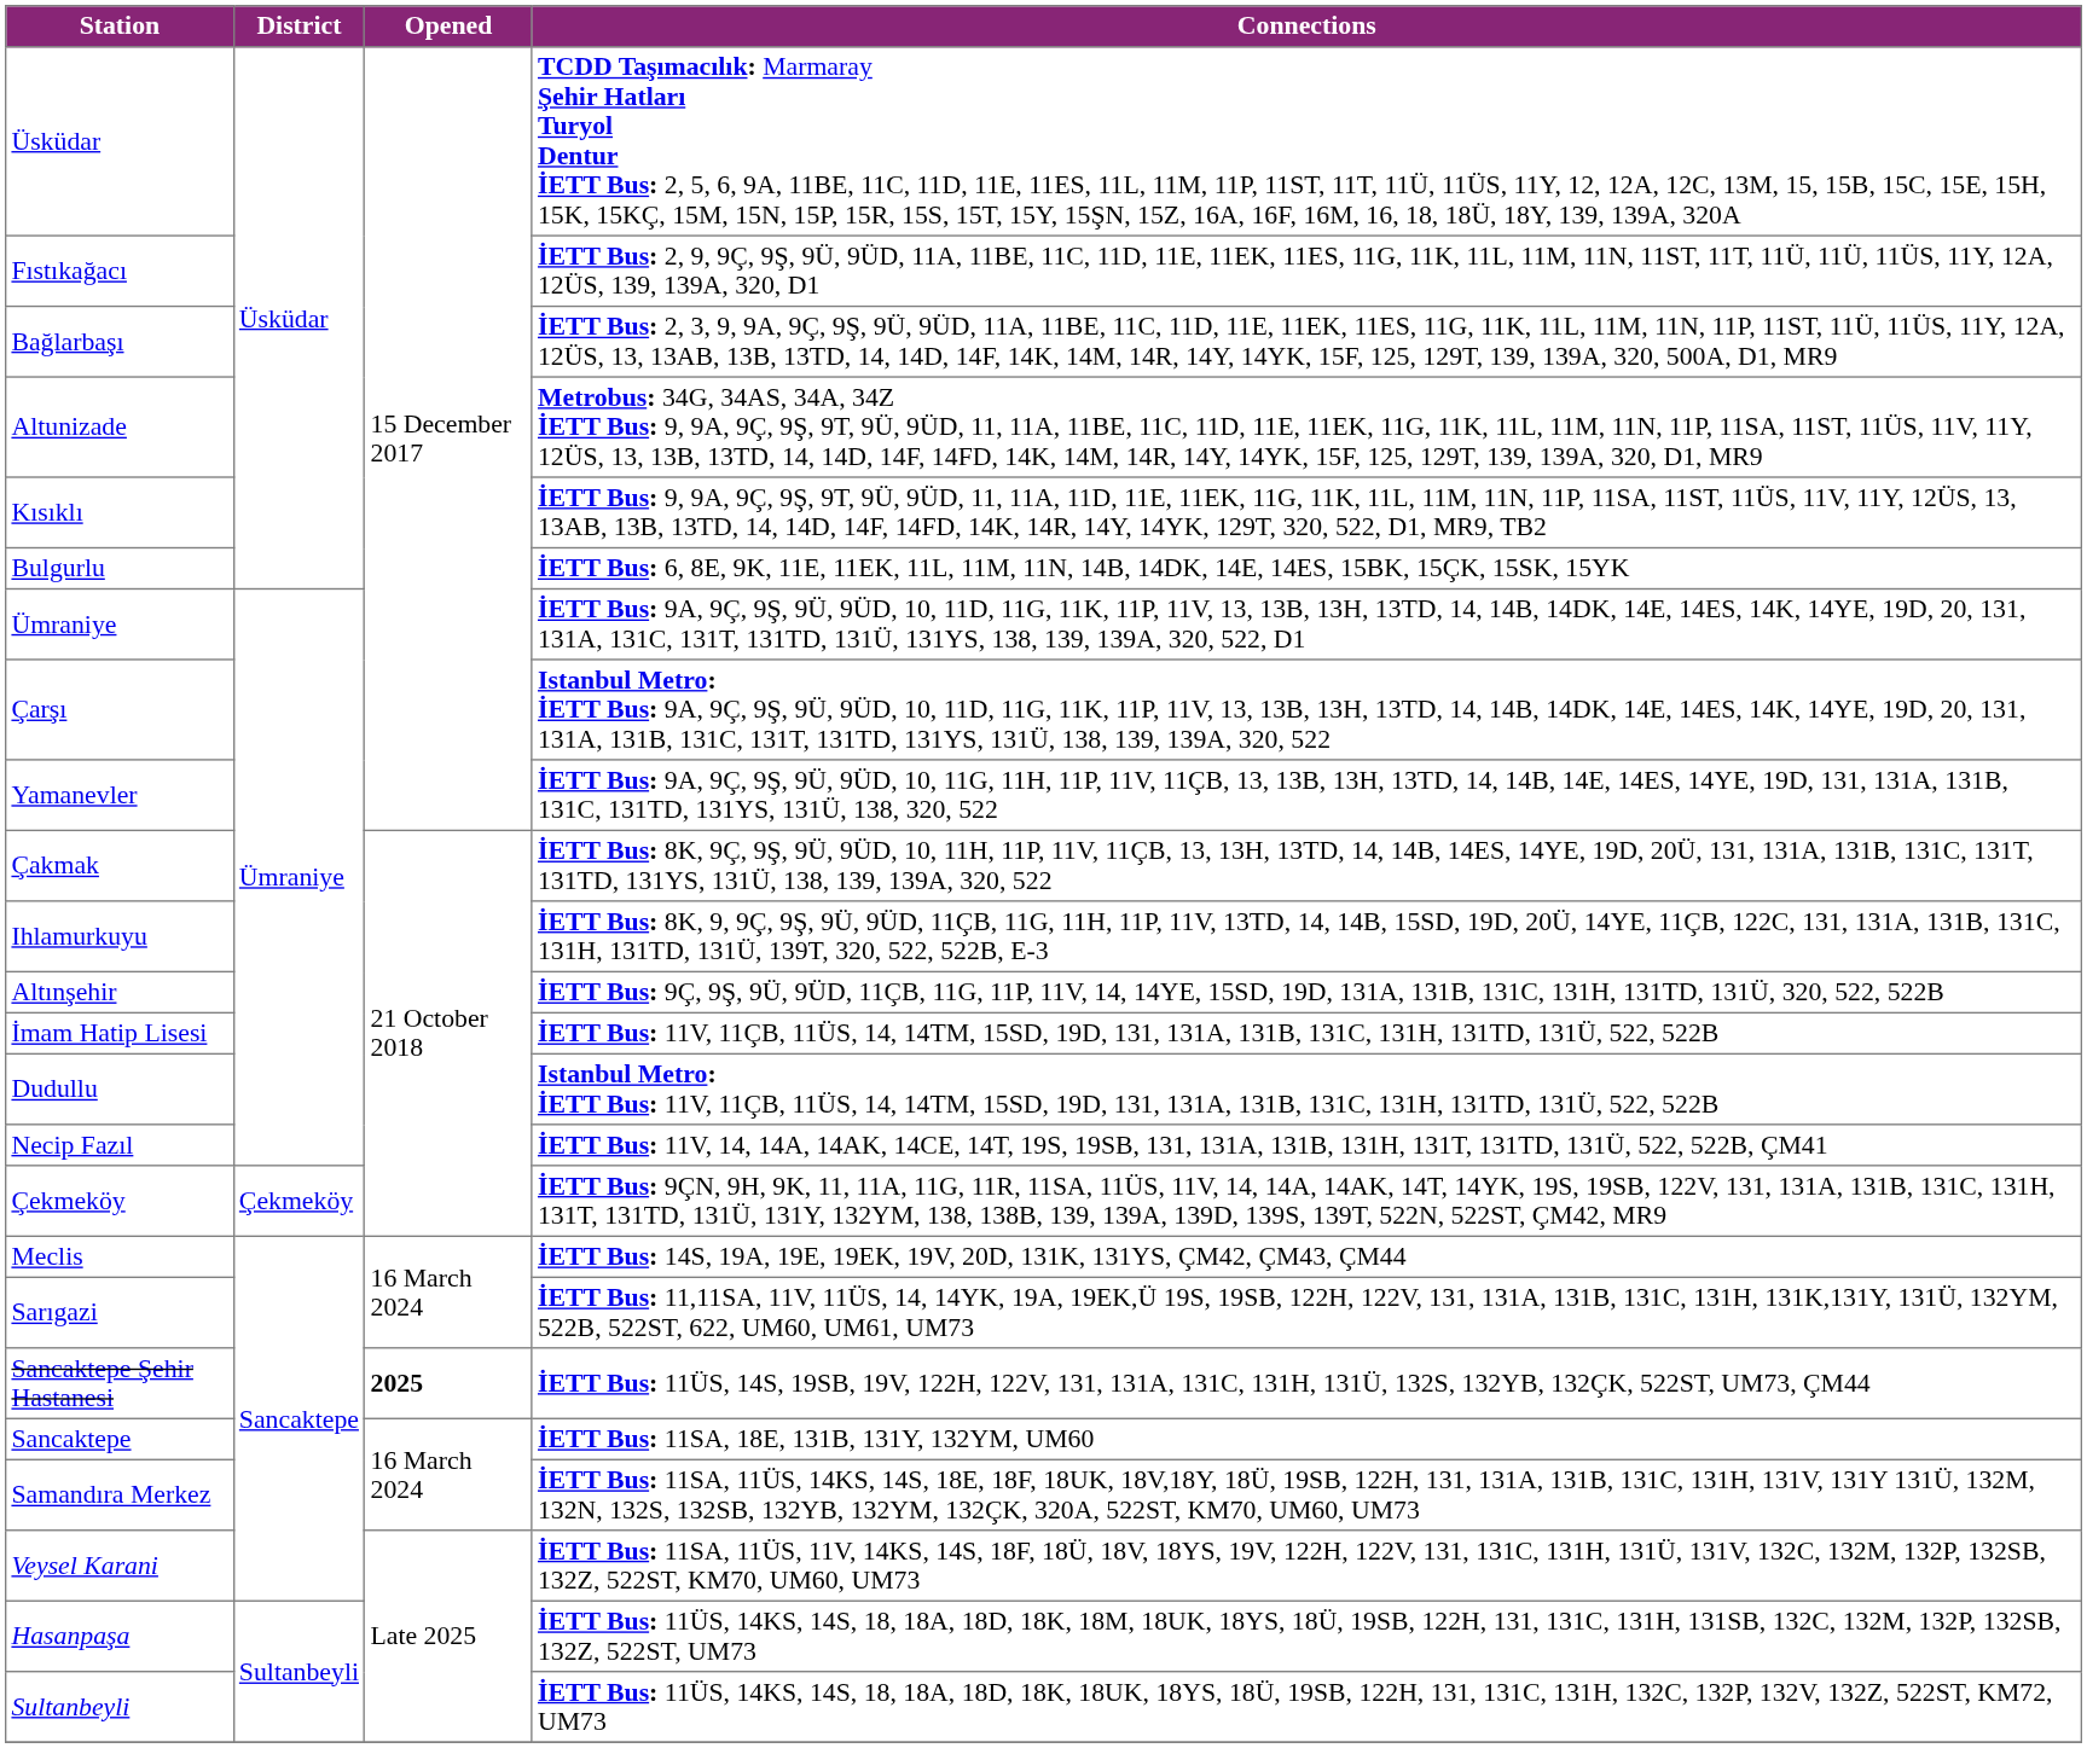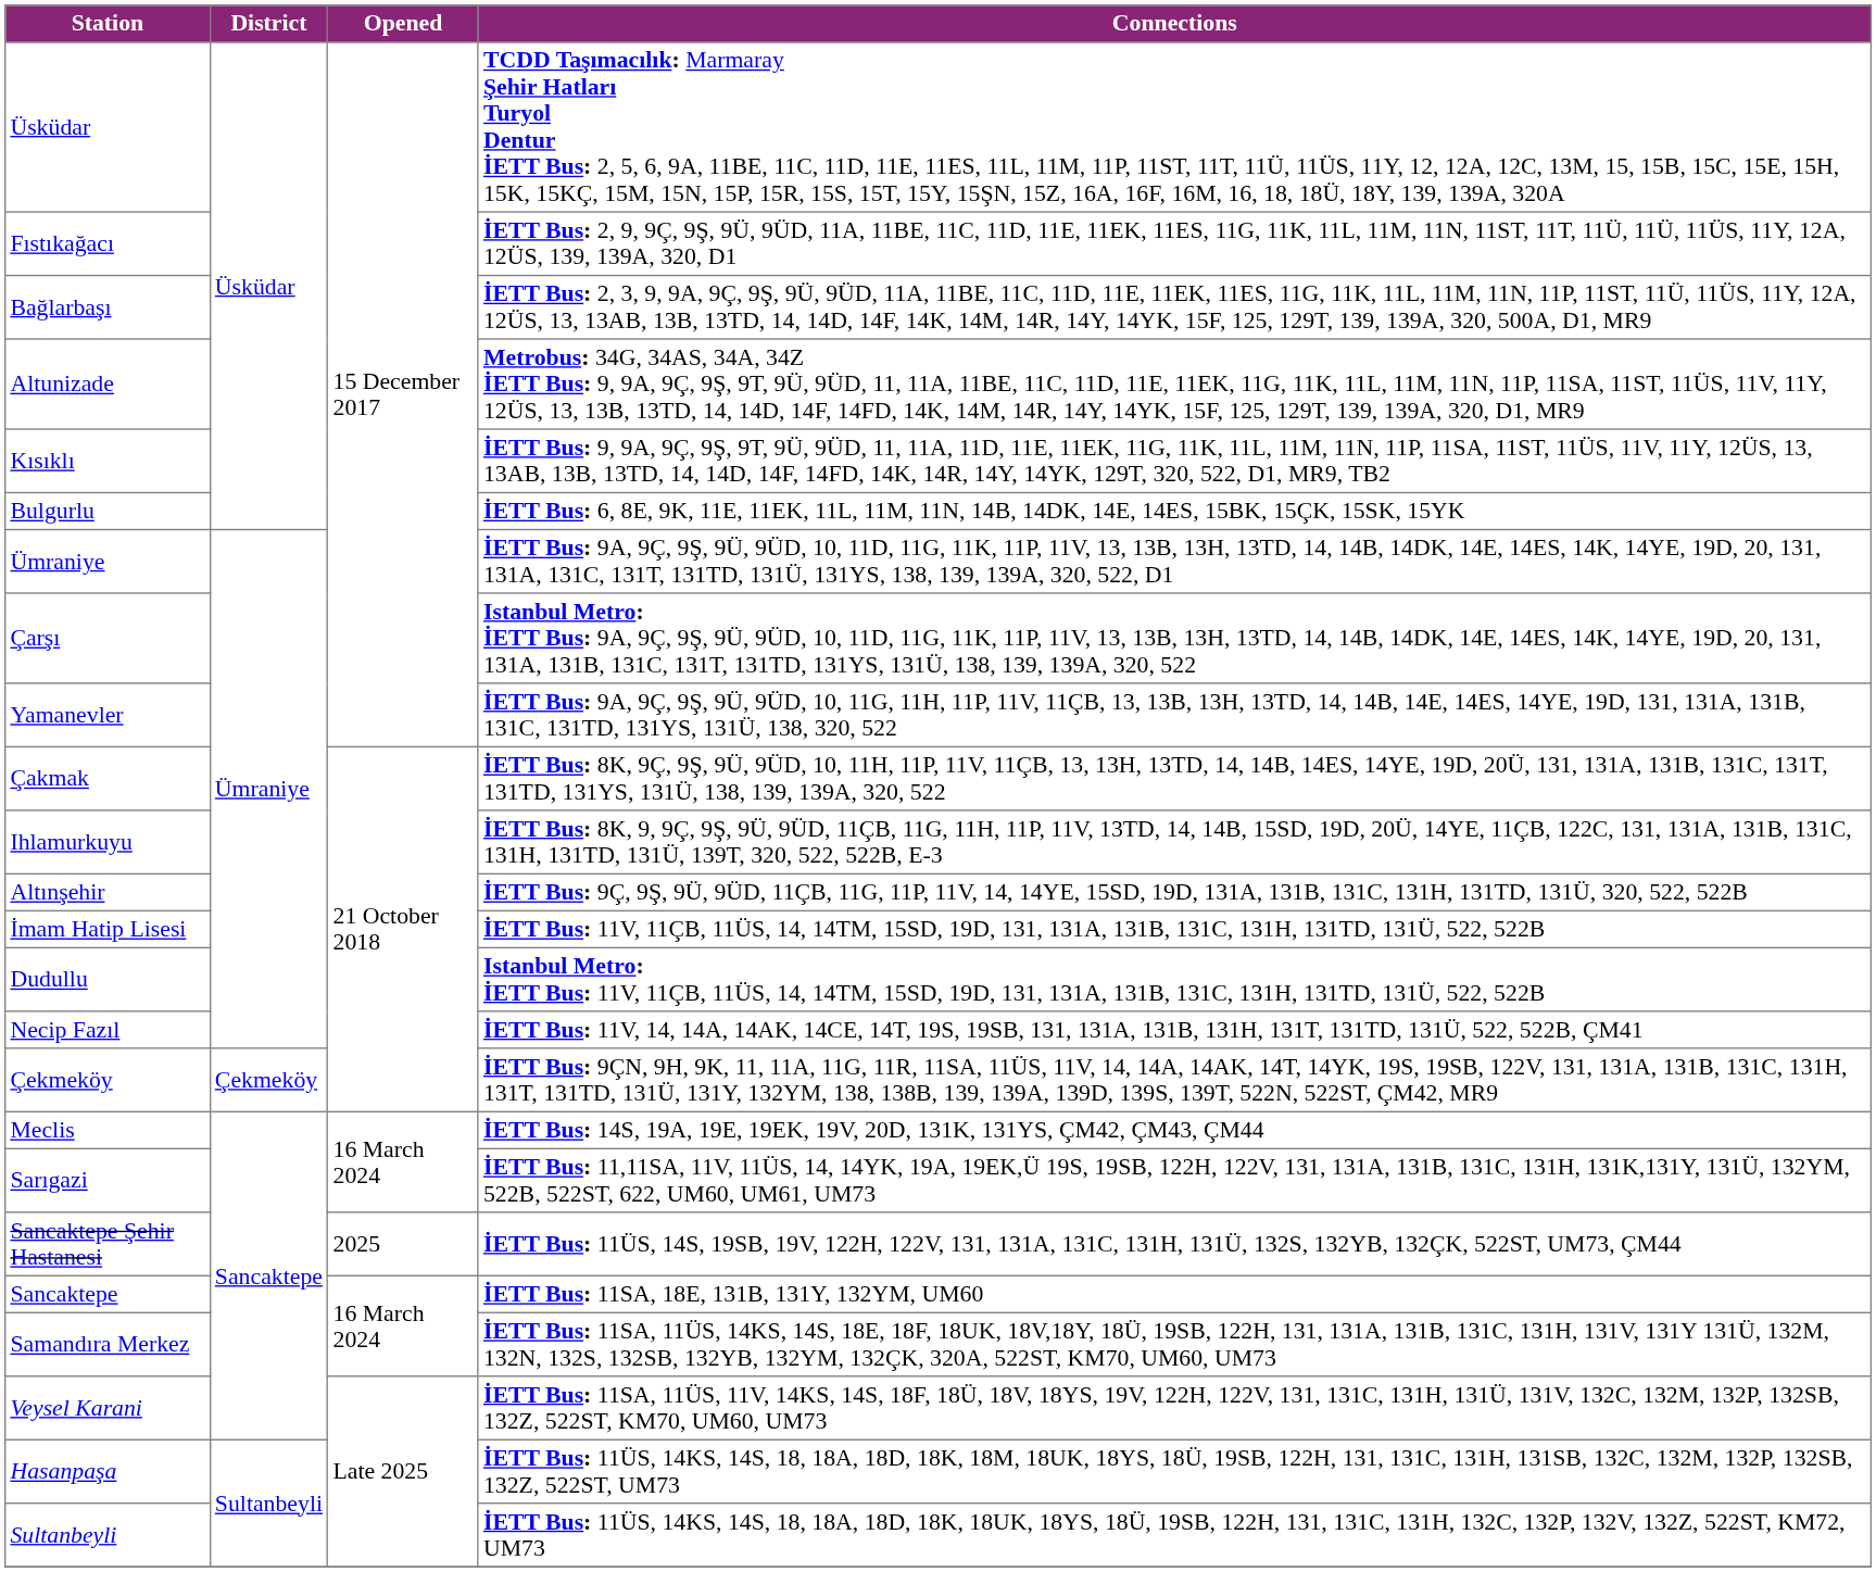 <table class="toccolours" border="1" cellpadding="3" style="margin:1em auto; border-collapse:collapse">
 <tr style="background:#882576;color: white;">
 <th>Station</th>
 <th>District</th>
 <th>Opened</th>
 <th>Connections</th>
 </tr>
 <tr>
 <td><a href='#'>Üsküdar</a> </td>
 <td rowspan="6"><a href='#'>Üsküdar</a></td>
 <td rowspan="9">15 December 2017</td>
 <td> <strong><a href='#'>TCDD Taşımacılık</a>:</strong> <a href='#'>Marmaray</a><br> <strong><a href='#'>Şehir Hatları</a></strong><br> <strong><a href='#'>Turyol</a></strong><br> <strong><a href='#'>Dentur</a></strong><br> <strong><a href='#'>İETT Bus</a>:</strong> 2, 5, 6, 9A, 11BE, 11C, 11D, 11E, 11ES, 11L, 11M, 11P, 11ST, 11T, 11Ü, 11ÜS, 11Y, 12, 12A, 12C, 13M, 15, 15B, 15C, 15E, 15H, 15K, 15KÇ, 15M, 15N, 15P, 15R, 15S, 15T, 15Y, 15ŞN, 15Z, 16A, 16F, 16M, 16, 18, 18Ü, 18Y, 139, 139A, 320A</td>
 </tr>
 <tr>
 <td><a href='#'>Fıstıkağacı</a> </td>
 <td> <strong><a href='#'>İETT Bus</a>:</strong> 2, 9, 9Ç, 9Ş, 9Ü, 9ÜD, 11A, 11BE, 11C, 11D, 11E, 11EK, 11ES, 11G, 11K, 11L, 11M, 11N, 11ST, 11T, 11Ü, 11Ü, 11ÜS, 11Y, 12A, 12ÜS, 139, 139A, 320, D1</td>
 </tr>
 <tr>
 <td><a href='#'>Bağlarbaşı</a> </td>
 <td> <strong><a href='#'>İETT Bus</a>:</strong> 2, 3, 9, 9A, 9Ç, 9Ş, 9Ü, 9ÜD, 11A, 11BE, 11C, 11D, 11E, 11EK, 11ES, 11G, 11K, 11L, 11M, 11N, 11P, 11ST, 11Ü, 11ÜS, 11Y, 12A, 12ÜS, 13, 13AB, 13B, 13TD, 14, 14D, 14F, 14K, 14M, 14R, 14Y, 14YK, 15F, 125, 129T, 139, 139A, 320, 500A, D1, MR9</td>
 </tr>
 <tr>
 <td><a href='#'>Altunizade</a> </td>
 <td> <strong><a href='#'>Metrobus</a>:</strong> 34G, 34AS, 34A, 34Z<br> <strong><a href='#'>İETT Bus</a>:</strong> 9, 9A, 9Ç, 9Ş, 9T, 9Ü, 9ÜD, 11, 11A, 11BE, 11C, 11D, 11E, 11EK, 11G, 11K, 11L, 11M, 11N, 11P, 11SA, 11ST, 11ÜS, 11V, 11Y, 12ÜS, 13, 13B, 13TD, 14, 14D, 14F, 14FD, 14K, 14M, 14R, 14Y, 14YK, 15F, 125, 129T, 139, 139A, 320, D1, MR9</td>
 </tr>
 <tr>
 <td><a href='#'>Kısıklı</a> </td>
 <td> <strong><a href='#'>İETT Bus</a>:</strong> 9, 9A, 9Ç, 9Ş, 9T, 9Ü, 9ÜD, 11, 11A, 11D, 11E, 11EK, 11G, 11K, 11L, 11M, 11N, 11P, 11SA, 11ST, 11ÜS, 11V, 11Y, 12ÜS, 13, 13AB, 13B, 13TD, 14, 14D, 14F, 14FD, 14K, 14R, 14Y, 14YK, 129T, 320, 522, D1, MR9, TB2</td>
 </tr>
 <tr>
 <td><a href='#'>Bulgurlu</a></td>
 <td> <strong><a href='#'>İETT Bus</a>:</strong> 6, 8E, 9K, 11E, 11EK, 11L, 11M, 11N, 14B, 14DK, 14E, 14ES, 15BK, 15ÇK, 15SK, 15YK</td>
 </tr>
 <tr>
 <td><a href='#'>Ümraniye</a> </td>
 <td rowspan="9"><a href='#'>Ümraniye</a></td>
 <td> <strong><a href='#'>İETT Bus</a>:</strong> 9A, 9Ç, 9Ş, 9Ü, 9ÜD, 10, 11D, 11G, 11K, 11P, 11V, 13, 13B, 13H, 13TD, 14, 14B, 14DK, 14E, 14ES, 14K, 14YE, 19D, 20, 131, 131A, 131C, 131T, 131TD, 131Ü, 131YS, 138, 139, 139A, 320, 522, D1</td>
 </tr>
 <tr>
 <td><a href='#'>Çarşı</a> </td>
 <td> <strong><a href='#'>Istanbul Metro</a>:</strong> <br>  <strong><a href='#'>İETT Bus</a>:</strong> 9A, 9Ç, 9Ş, 9Ü, 9ÜD, 10, 11D, 11G, 11K, 11P, 11V, 13, 13B, 13H, 13TD, 14, 14B, 14DK, 14E, 14ES, 14K, 14YE, 19D, 20, 131, 131A, 131B, 131C, 131T, 131TD, 131YS, 131Ü, 138, 139, 139A, 320, 522</td>
 </tr>
 <tr>
 <td><a href='#'>Yamanevler</a> </td>
 <td> <strong><a href='#'>İETT Bus</a>:</strong> 9A, 9Ç, 9Ş, 9Ü, 9ÜD, 10, 11G, 11H, 11P, 11V, 11ÇB, 13, 13B, 13H, 13TD, 14, 14B, 14E, 14ES, 14YE, 19D, 131, 131A, 131B, 131C, 131TD, 131YS, 131Ü, 138, 320, 522</td>
 </tr>
 <tr>
 <td><a href='#'>Çakmak</a> </td>
 <td rowspan="7">21 October 2018</td>
 <td> <strong><a href='#'>İETT Bus</a>:</strong> 8K, 9Ç, 9Ş, 9Ü, 9ÜD, 10, 11H, 11P, 11V, 11ÇB, 13, 13H, 13TD, 14, 14B, 14ES, 14YE, 19D, 20Ü, 131, 131A, 131B, 131C, 131T, 131TD, 131YS, 131Ü, 138, 139, 139A, 320, 522</td>
 </tr>
 <tr>
 <td><a href='#'>Ihlamurkuyu</a> </td>
 <td> <strong><a href='#'>İETT Bus</a>:</strong> 8K, 9, 9Ç, 9Ş, 9Ü, 9ÜD, 11ÇB, 11G, 11H, 11P, 11V, 13TD, 14, 14B, 15SD, 19D, 20Ü, 14YE, 11ÇB, 122C, 131, 131A, 131B, 131C, 131H, 131TD, 131Ü, 139T, 320, 522, 522B, E-3</td>
 </tr>
 <tr>
 <td><a href='#'>Altınşehir</a> </td>
 <td> <strong><a href='#'>İETT Bus</a>:</strong> 9Ç, 9Ş, 9Ü, 9ÜD, 11ÇB, 11G, 11P, 11V, 14, 14YE, 15SD, 19D, 131A, 131B, 131C, 131H, 131TD, 131Ü, 320, 522, 522B</td>
 </tr>
 <tr>
 <td><a href='#'>İmam Hatip Lisesi</a> </td>
 <td> <strong><a href='#'>İETT Bus</a>:</strong> 11V, 11ÇB, 11ÜS, 14, 14TM, 15SD, 19D, 131, 131A, 131B, 131C, 131H, 131TD, 131Ü, 522, 522B</td>
 </tr>
 <tr>
 <td><a href='#'>Dudullu</a> </td>
 <td> <strong><a href='#'>Istanbul Metro</a>:</strong> <br>  <strong><a href='#'>İETT Bus</a>:</strong> 11V, 11ÇB, 11ÜS, 14, 14TM, 15SD, 19D, 131, 131A, 131B, 131C, 131H, 131TD, 131Ü, 522, 522B</td>
 </tr>
 <tr>
 <td><a href='#'>Necip Fazıl</a> </td>
 <td> <strong><a href='#'>İETT Bus</a>:</strong> 11V, 14, 14A, 14AK, 14CE, 14T, 19S, 19SB, 131, 131A, 131B, 131H, 131T, 131TD, 131Ü, 522, 522B, ÇM41</td>
 </tr>
 <tr>
 <td><a href='#'>Çekmeköy</a> </td>
 <td><a href='#'>Çekmeköy</a></td>
 <td> <strong><a href='#'>İETT Bus</a>:</strong> 9ÇN, 9H, 9K, 11, 11A, 11G, 11R, 11SA, 11ÜS, 11V, 14, 14A, 14AK, 14T, 14YK, 19S, 19SB, 122V, 131, 131A, 131B, 131C, 131H, 131T, 131TD, 131Ü, 131Y, 132YM, 138, 138B, 139, 139A, 139D, 139S, 139T, 522N, 522ST, ÇM42, MR9</td>
 </tr>
 <tr>
 <td><a href='#'>Meclis</a> </td>
 <td rowspan="6"><a href='#'>Sancaktepe</a></td>
 <td rowspan="2">16 March 2024</td>
 <td> <strong><a href='#'>İETT Bus</a>:</strong> 14S, 19A, 19E, 19EK, 19V, 20D, 131K, 131YS, ÇM42, ÇM43, ÇM44</td>
 </tr>
 <tr>
 <td><a href='#'>Sarıgazi</a> </td>
 <td> <strong><a href='#'>İETT Bus</a>:</strong> 11,11SA, 11V, 11ÜS, 14, 14YK, 19A, 19EK,Ü 19S, 19SB, 122H, 122V, 131, 131A, 131B, 131C, 131H, 131K,131Y, 131Ü, 132YM, 522B, 522ST, 622, UM60, UM61, UM73</td>
 </tr>
 <tr>
 <td><s><a href='#'>Sancaktepe Şehir Hastanesi</a></s> </td>
-<td><strong>2025</strong></td>
+<td>2025</td>
 <td> <strong><a href='#'>İETT Bus</a>:</strong> 11ÜS, 14S, 19SB, 19V, 122H, 122V, 131, 131A, 131C, 131H, 131Ü, 132S, 132YB, 132ÇK, 522ST, UM73, ÇM44</td>
 </tr>
 <tr>
 <td><a href='#'>Sancaktepe</a> </td>
 <td rowspan="2">16 March 2024</td>
 <td> <strong><a href='#'>İETT Bus</a>:</strong> 11SA, 18E, 131B, 131Y, 132YM, UM60</td>
 </tr>
 <tr>
 <td><a href='#'>Samandıra Merkez</a> </td>
 <td> <strong><a href='#'>İETT Bus</a>:</strong> 11SA, 11ÜS, 14KS, 14S, 18E, 18F, 18UK, 18V,18Y, 18Ü, 19SB, 122H, 131, 131A, 131B, 131C, 131H, 131V, 131Y 131Ü, 132M, 132N, 132S, 132SB, 132YB, 132YM, 132ÇK, 320A, 522ST, KM70, UM60, UM73</td>
 </tr>
 <tr>
 <td><em><a href='#'>Veysel Karani</a></em> </td>
 <td rowspan="3">Late 2025</td>
 <td> <strong><a href='#'>İETT Bus</a>:</strong> 11SA, 11ÜS, 11V, 14KS, 14S, 18F, 18Ü, 18V, 18YS, 19V, 122H, 122V, 131, 131C, 131H, 131Ü, 131V, 132C, 132M, 132P, 132SB, 132Z, 522ST, KM70, UM60, UM73</td>
 </tr>
 <tr>
 <td><em><a href='#'>Hasanpaşa</a></em> </td>
 <td rowspan="2"><a href='#'>Sultanbeyli</a></td>
 <td> <strong><a href='#'>İETT Bus</a>:</strong> 11ÜS, 14KS, 14S, 18, 18A, 18D, 18K, 18M, 18UK, 18YS, 18Ü, 19SB, 122H, 131, 131C, 131H, 131SB, 132C, 132M, 132P, 132SB, 132Z, 522ST, UM73</td>
 </tr>
 <tr>
 <td><em><a href='#'>Sultanbeyli</a></em> </td>
 <td> <strong><a href='#'>İETT Bus</a>:</strong> 11ÜS, 14KS, 14S, 18, 18A, 18D, 18K, 18UK, 18YS, 18Ü, 19SB, 122H, 131, 131C, 131H, 132C, 132P, 132V, 132Z, 522ST, KM72, UM73</td>
 </tr>
 <tr>
 </tr>
 </table>
